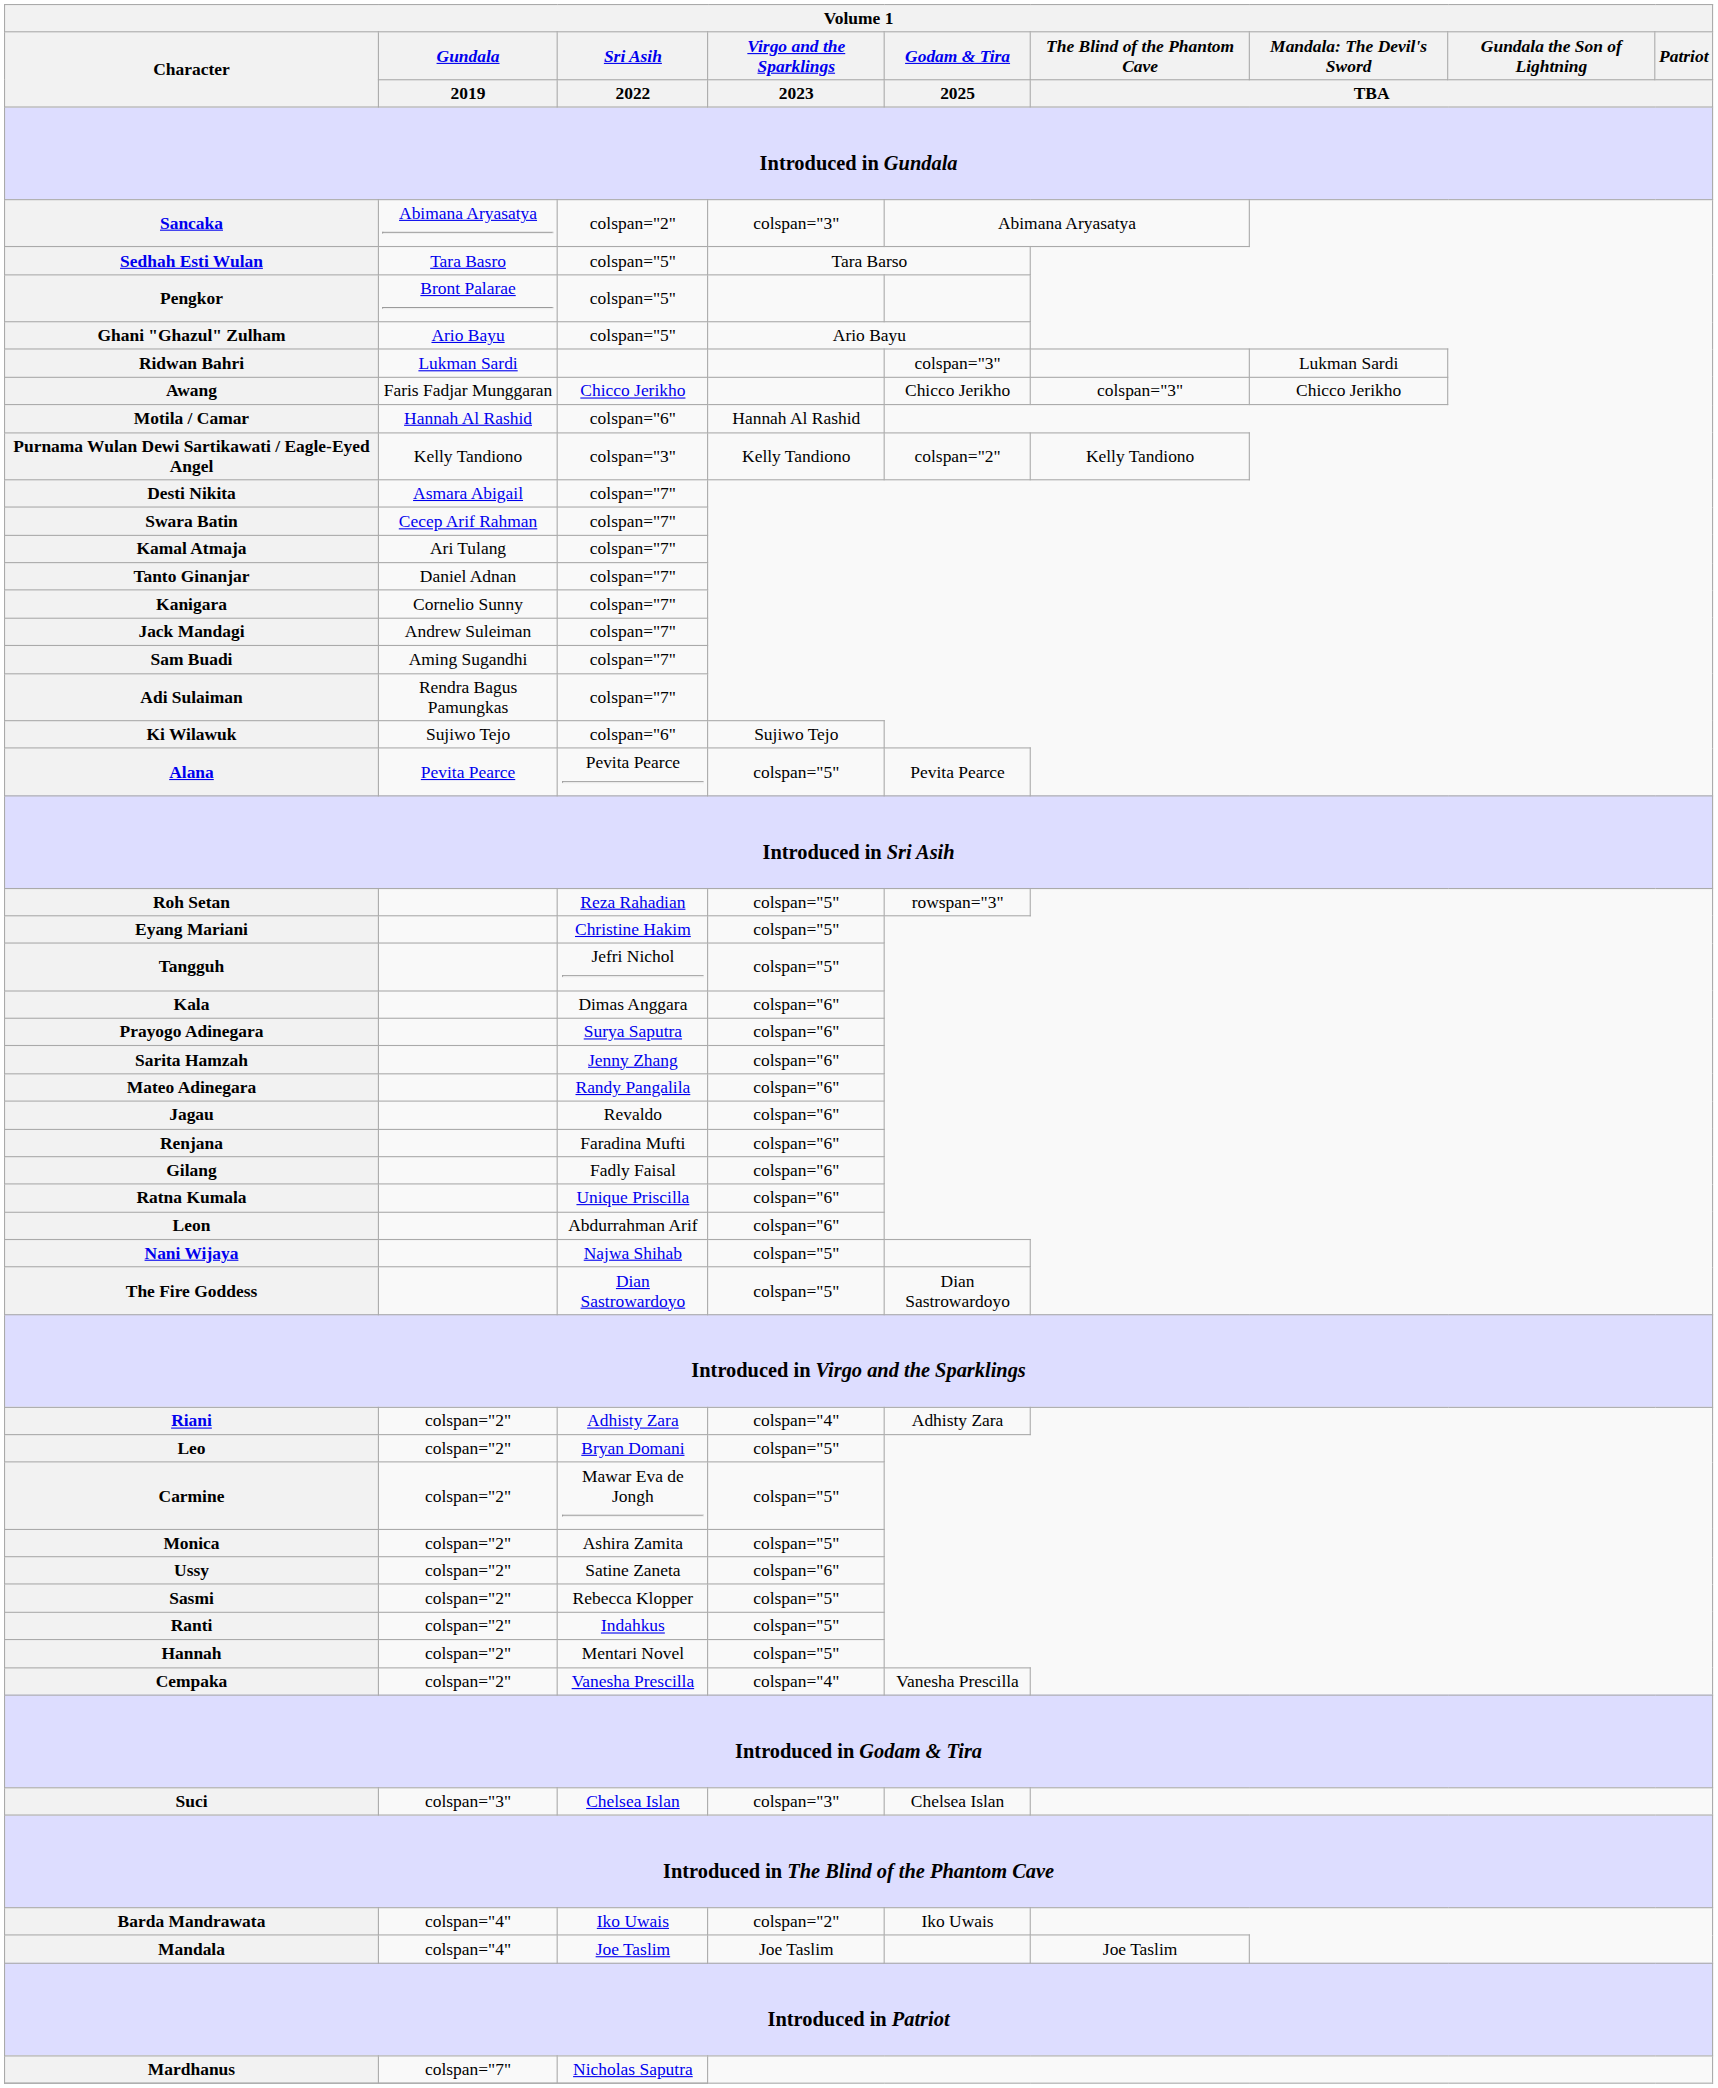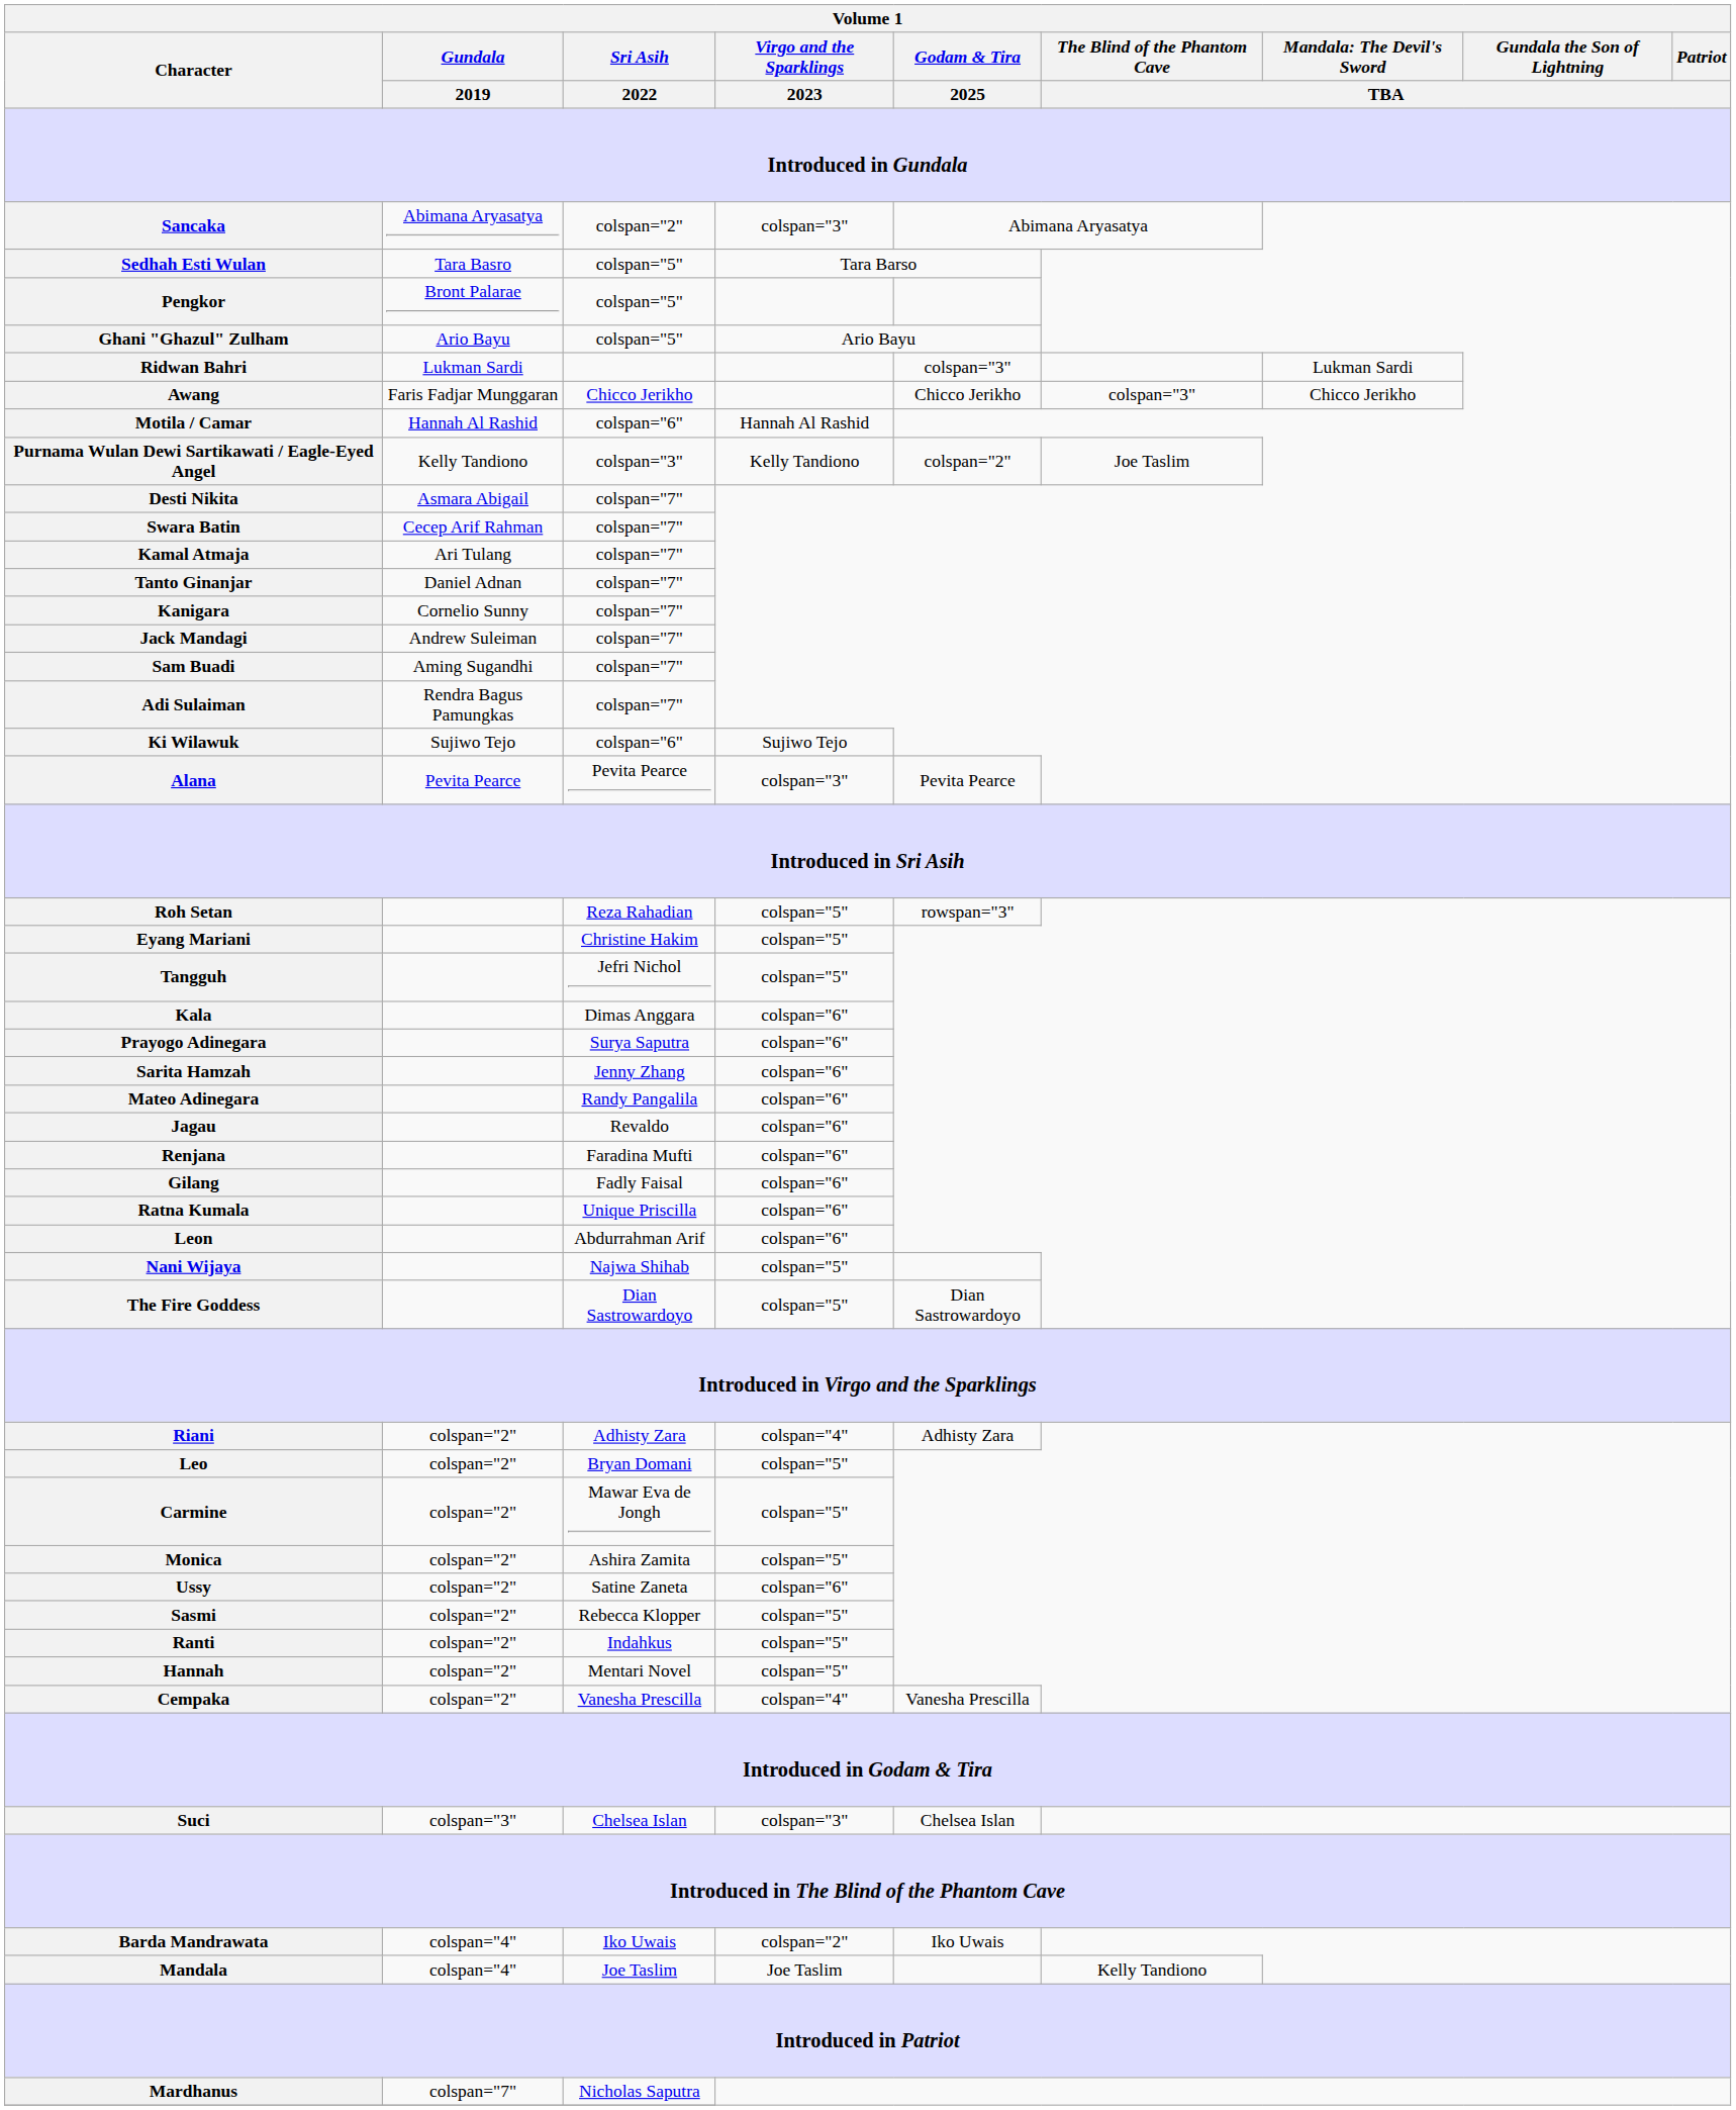 <table class="wikitable" style="text-align: center">
 <tr>
 <th colspan="9">Volume 1</th>
 </tr>
 <tr>
 <th rowspan="2">Character</th>
 <th style="text-align:center;"><em><a href='#'>Gundala</a></em></th>
 <th style="text-align:center;"><em><a href='#'>Sri Asih</a></em></th>
 <th style="text-align:center;"><em><a href='#'>Virgo and the Sparklings</a></em></th>
 <th style="text-align:center;"><em><a href='#'>Godam & Tira</a></em></th>
 <th style="text-align:center;"><em>The Blind of the Phantom Cave</em></th>
 <th style="text-align:center;"><em>Mandala: The Devil's Sword</em></th>
 <th style="text-align:center;"><em>Gundala the Son of Lightning</em></th>
 <th style="text-align:center;"><em>Patriot</em></th>
 </tr>
 <tr>
 <th>2019</th>
 <th>2022</th>
 <th>2023</th>
 <th>2025</th>
 <th colspan="4">TBA</th>
 </tr>
 <tr>
 <th scope="row" colspan="17" style="background:#ddf;"><br><h3>Introduced in <em>Gundala</em></h3></th>
 </tr>
 <tr>
 <th scope="row"><a href='#'>Sancaka<br></a></th>
 <td><a href='#'>Abimana Aryasatya</a><br><hr></td>
 <td>colspan="2" </td>
 <td>colspan="3" </td>
 <td colspan="2">Abimana Aryasatya</td>
 </tr>
 <tr>
 <th scope="row"><a href='#'>Sedhah Esti Wulan<br></a></th>
 <td><a href='#'>Tara Basro</a><br></td>
 <td>colspan="5" </td>
 <td colspan="2">Tara Barso</td>
 </tr>
 <tr>
 <th scope="row">Pengkor</th>
 <td><a href='#'>Bront Palarae</a><hr></td>
 <td>colspan="5" </td>
 <td></td>
 <td></td>
 </tr>
 <tr>
 <th scope="row">Ghani "Ghazul" Zulham</th>
 <td><a href='#'>Ario Bayu</a></td>
 <td>colspan="5" </td>
 <td colspan="2">Ario Bayu</td>
 </tr>
 <tr>
 <th scope="row">Ridwan Bahri</th>
 <td><a href='#'>Lukman Sardi</a></td>
 <td></td>
 <td></td>
 <td>colspan="3" </td>
 <td></td>
 <td>Lukman Sardi</td>
 </tr>
 <tr>
 <th scope="row">Awang<br></th>
 <td>Faris Fadjar Munggaran</td>
 <td><a href='#'>Chicco Jerikho</a></td>
 <td></td>
 <td>Chicco Jerikho</td>
 <td>colspan="3" </td>
 <td>Chicco Jerikho</td>
 </tr>
 <tr>
 <th scope="row">Motila / Camar<br></th>
 <td><a href='#'>Hannah Al Rashid</a></td>
 <td>colspan="6" </td>
 <td>Hannah Al Rashid</td>
 </tr>
 <tr>
 <th scope="row">Purnama Wulan Dewi Sartikawati / Eagle-Eyed Angel<br></th>
 <td>Kelly Tandiono</td>
 <td>colspan="3" </td>
 <td>Kelly Tandiono</td>
 <td>colspan="2" </td>
-<td>Kelly Tandiono</td>
+<td>Joe Taslim</td>
 </tr>
 <tr>
 <th scope="row">Desti Nikita<br></th>
 <td><a href='#'>Asmara Abigail</a></td>
 <td>colspan="7" </td>
 </tr>
 <tr>
 <th scope="row">Swara Batin<br></th>
 <td><a href='#'>Cecep Arif Rahman</a></td>
 <td>colspan="7" </td>
 </tr>
 <tr>
 <th scope="row">Kamal Atmaja<br></th>
 <td>Ari Tulang</td>
 <td>colspan="7" </td>
 </tr>
 <tr>
 <th scope="row">Tanto Ginanjar<br></th>
 <td>Daniel Adnan</td>
 <td>colspan="7" </td>
 </tr>
 <tr>
 <th scope="row">Kanigara<br></th>
 <td>Cornelio Sunny</td>
 <td>colspan="7" </td>
 </tr>
 <tr>
 <th scope="row">Jack Mandagi<br></th>
 <td>Andrew Suleiman</td>
 <td>colspan="7" </td>
 </tr>
 <tr>
 <th scope="row">Sam Buadi<br></th>
 <td>Aming Sugandhi</td>
 <td>colspan="7" </td>
 </tr>
 <tr>
 <th scope="row">Adi Sulaiman<br></th>
 <td>Rendra Bagus Pamungkas</td>
 <td>colspan="7" </td>
 </tr>
 <tr>
 <th scope="row">Ki Wilawuk</th>
 <td>Sujiwo Tejo</td>
 <td>colspan="6" </td>
 <td>Sujiwo Tejo</td>
 </tr>
 <tr>
 <th scope="row"><a href='#'>Alana<br></a></th>
 <td><a href='#'>Pevita Pearce</a></td>
 <td>Pevita Pearce<hr></td>
-<td>colspan="5" </td>
+<td>colspan="3" </td>
 <td>Pevita Pearce</td>
 </tr>
 <tr>
 <th scope="row" colspan="17" style="background:#ddf;"><br><h3>Introduced in <em>Sri Asih</em></h3></th>
 </tr>
 <tr>
 <th scope="row">Roh Setan<br></th>
 <td></td>
 <td><a href='#'>Reza Rahadian</a></td>
 <td>colspan="5" </td>
 <td>rowspan="3" </td>
 </tr>
 <tr>
 <th scope="row">Eyang Mariani</th>
 <td></td>
 <td><a href='#'>Christine Hakim</a></td>
 <td>colspan="5" </td>
 </tr>
 <tr>
 <th scope="row">Tangguh<br></th>
 <td></td>
 <td>Jefri Nichol<hr></td>
 <td>colspan="5" </td>
 </tr>
 <tr>
 <th scope="row">Kala</th>
 <td></td>
 <td>Dimas Anggara</td>
 <td>colspan="6" </td>
 </tr>
 <tr>
 <th scope="row">Prayogo Adinegara</th>
 <td></td>
 <td><a href='#'>Surya Saputra</a></td>
 <td>colspan="6" </td>
 </tr>
 <tr>
 <th scope="row">Sarita Hamzah</th>
 <td></td>
 <td><a href='#'>Jenny Zhang</a></td>
 <td>colspan="6" </td>
 </tr>
 <tr>
 <th scope="row">Mateo Adinegara</th>
 <td></td>
 <td><a href='#'>Randy Pangalila</a></td>
 <td>colspan="6" </td>
 </tr>
 <tr>
 <th scope="row">Jagau</th>
 <td></td>
 <td>Revaldo</td>
 <td>colspan="6" </td>
 </tr>
 <tr>
 <th scope="row">Renjana</th>
 <td></td>
 <td>Faradina Mufti</td>
 <td>colspan="6" </td>
 </tr>
 <tr>
 <th scope="row">Gilang</th>
 <td></td>
 <td>Fadly Faisal</td>
 <td>colspan="6" </td>
 </tr>
 <tr>
 <th scope="row">Ratna Kumala<br></th>
 <td></td>
 <td><a href='#'>Unique Priscilla</a></td>
 <td>colspan="6" </td>
 </tr>
 <tr>
 <th scope="row">Leon<br></th>
 <td></td>
 <td>Abdurrahman Arif</td>
 <td>colspan="6" </td>
 </tr>
 <tr>
 <th scope="row"><a href='#'>Nani Wijaya<br></a></th>
 <td></td>
 <td><a href='#'>Najwa Shihab</a></td>
 <td>colspan="5" </td>
 <td></td>
 </tr>
 <tr>
 <th scope="row">The Fire Goddess</th>
 <td></td>
 <td><a href='#'>Dian Sastrowardoyo</a></td>
 <td>colspan="5" </td>
 <td>Dian Sastrowardoyo</td>
 </tr>
 <tr>
 <th scope="row" colspan="17" style="background:#ddf;"><br><h3>Introduced in <em>Virgo and the Sparklings</em></h3></th>
 </tr>
 <tr>
 <th scope="row"><a href='#'>Riani<br></a></th>
 <td>colspan="2" </td>
 <td><a href='#'>Adhisty Zara</a></td>
 <td>colspan="4" </td>
 <td>Adhisty Zara</td>
 </tr>
 <tr>
 <th scope="row">Leo</th>
 <td>colspan="2" </td>
 <td><a href='#'>Bryan Domani</a></td>
 <td>colspan="5" </td>
 </tr>
 <tr>
 <th scope="row">Carmine</th>
 <td>colspan="2" </td>
 <td>Mawar Eva de Jongh<hr></td>
 <td>colspan="5" </td>
 </tr>
 <tr>
 <th scope="row">Monica</th>
 <td>colspan="2" </td>
 <td>Ashira Zamita</td>
 <td>colspan="5" </td>
 </tr>
 <tr>
 <th scope="row">Ussy</th>
 <td>colspan="2" </td>
 <td>Satine Zaneta</td>
 <td>colspan="6" </td>
 </tr>
 <tr>
 <th scope="row">Sasmi</th>
 <td>colspan="2" </td>
 <td>Rebecca Klopper</td>
 <td>colspan="5" </td>
 </tr>
 <tr>
 <th scope="row">Ranti</th>
 <td>colspan="2" </td>
 <td><a href='#'>Indahkus</a></td>
 <td>colspan="5" </td>
 </tr>
 <tr>
 <th scope="row">Hannah</th>
 <td>colspan="2" </td>
 <td>Mentari Novel</td>
 <td>colspan="5" </td>
 </tr>
 <tr>
 <th scope="row">Cempaka</th>
 <td>colspan="2" </td>
 <td><a href='#'>Vanesha Prescilla</a></td>
 <td>colspan="4" </td>
 <td>Vanesha Prescilla</td>
 </tr>
 <tr>
 <th scope="row" colspan="17" style="background:#ddf;"><br><h3>Introduced in <em>Godam & Tira</em></h3></th>
 </tr>
 <tr>
 <th scope="row">Suci<br></th>
 <td>colspan="3" </td>
 <td><a href='#'>Chelsea Islan</a></td>
 <td>colspan="3" </td>
 <td>Chelsea Islan</td>
 </tr>
 <tr>
 <th scope="row" colspan="17" style="background:#ddf;"><br><h3>Introduced in <em>The Blind of the Phantom Cave</em></h3></th>
 </tr>
 <tr>
 <th scope="row">Barda Mandrawata</th>
 <td>colspan="4" </td>
 <td><a href='#'>Iko Uwais</a></td>
 <td>colspan="2" </td>
 <td>Iko Uwais</td>
 </tr>
 <tr>
 <th scope="row">Mandala</th>
 <td>colspan="4" </td>
 <td><a href='#'>Joe Taslim</a></td>
 <td>Joe Taslim</td>
 <td></td>
-<td>Joe Taslim</td>
+<td>Kelly Tandiono</td>
 </tr>
 <tr>
 <th scope="row" colspan="17" style="background:#ddf;"><br><h3>Introduced in <em>Patriot</em></h3></th>
 </tr>
 <tr>
 <th>Mardhanus<br></th>
 <td>colspan="7" </td>
 <td><a href='#'>Nicholas Saputra</a></td>
 </tr>
 <tr>
 </tr>
 </table>
